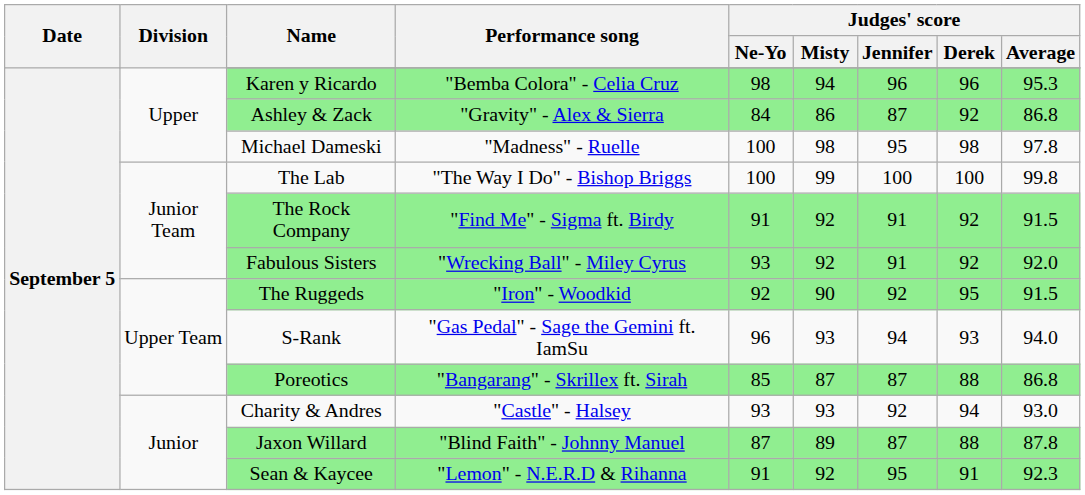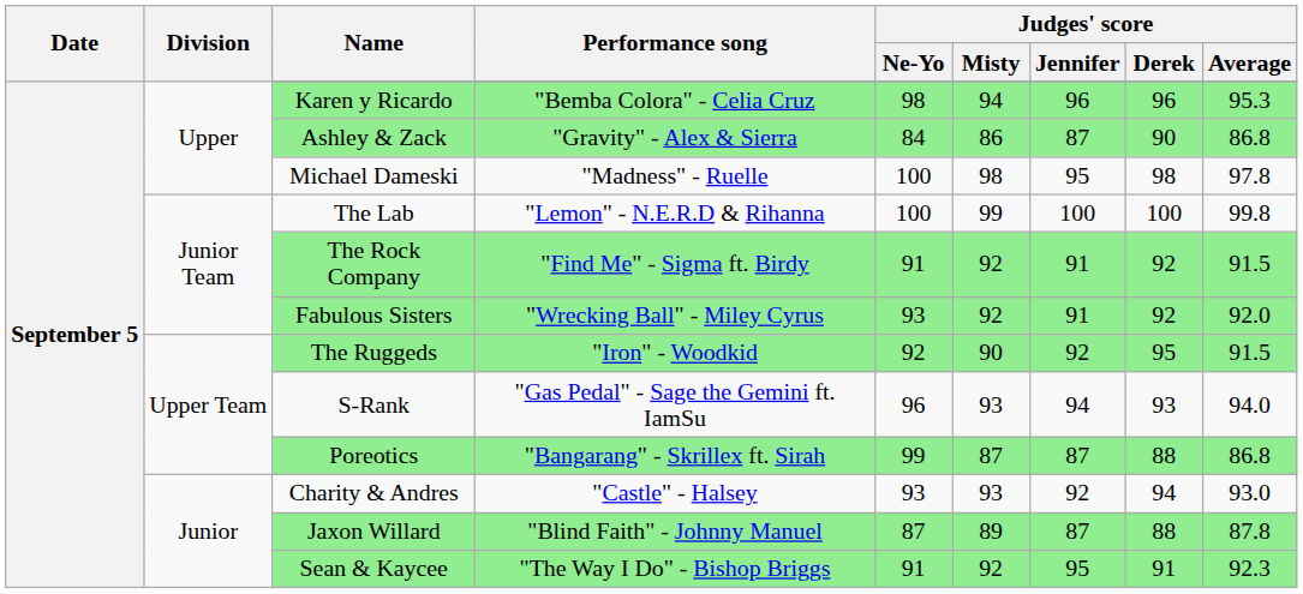 <table class="wikitable sortable" style="text-align:center;">
 <tr>
 <th scope="col" rowspan="2">Date</th>
 <th scope="col" rowspan="2">Division</th>
 <th scope="col" rowspan="2" class="unsortable">Name</th>
 <th scope="col" rowspan="2" class="unsortable">Performance song</th>
 <th scope="col" colspan="5">Judges' score</th>
 </tr>
 <tr>
 <th style="width:06%;">Ne-Yo</th>
 <th style="width:06%;">Misty</th>
 <th style="width:06%;">Jennifer</th>
 <th style="width:06%;">Derek</th>
 <th style="width:06%;">Average</th>
 </tr>
 <tr>
 <th scope="row" rowspan="15">September 5</th>
 <td rowspan="4">Upper</td>
 </tr>
 <tr style="background:lightgreen;">
 <td>Karen y Ricardo</td>
 <td>"Bemba Colora" - <a href='#'>Celia Cruz</a></td>
 <td>98</td>
 <td>94</td>
 <td>96</td>
 <td>96</td>
 <td>95.3</td>
 </tr>
 <tr style="background:lightgreen;">
 <td>Ashley & Zack</td>
 <td>"Gravity" - <a href='#'>Alex & Sierra</a></td>
 <td>84</td>
 <td>86</td>
 <td>87</td>
-<td>92</td>
+<td>90</td>
 <td>86.8</td>
 </tr>
 <tr>
 <td>Michael Dameski</td>
 <td>"Madness" - <a href='#'>Ruelle</a></td>
 <td>100</td>
 <td>98</td>
 <td>95</td>
 <td>98</td>
 <td>97.8</td>
 </tr>
 <tr>
 <td rowspan="3">Junior Team</td>
 <td>The Lab</td>
-<td>"The Way I Do" - <a href='#'>Bishop Briggs</a></td>
+<td>"<a href='#'>Lemon</a>" - <a href='#'>N.E.R.D</a> & <a href='#'>Rihanna</a></td>
 <td>100</td>
 <td>99</td>
 <td>100</td>
 <td>100</td>
 <td>99.8</td>
 </tr>
 <tr style="background:lightgreen;">
 <td>The Rock Company</td>
 <td>"<a href='#'>Find Me</a>" - <a href='#'>Sigma</a> ft. <a href='#'>Birdy</a></td>
 <td>91</td>
 <td>92</td>
 <td>91</td>
 <td>92</td>
 <td>91.5</td>
 </tr>
 <tr style="background:lightgreen;">
 <td>Fabulous Sisters</td>
 <td>"<a href='#'>Wrecking Ball</a>" - <a href='#'>Miley Cyrus</a></td>
 <td>93</td>
 <td>92</td>
 <td>91</td>
 <td>92</td>
 <td>92.0</td>
 </tr>
 <tr>
 <td rowspan="3">Upper Team</td>
 <td style="background:lightgreen;">The Ruggeds</td>
 <td style="background:lightgreen;">"<a href='#'>Iron</a>" - <a href='#'>Woodkid</a></td>
 <td style="background:lightgreen;">92</td>
 <td style="background:lightgreen;">90</td>
 <td style="background:lightgreen;">92</td>
 <td style="background:lightgreen;">95</td>
 <td style="background:lightgreen;">91.5</td>
 </tr>
 <tr>
 <td>S-Rank</td>
 <td>"<a href='#'>Gas Pedal</a>" - <a href='#'>Sage the Gemini</a> ft. IamSu</td>
 <td>96</td>
 <td>93</td>
 <td>94</td>
 <td>93</td>
 <td>94.0</td>
 </tr>
 <tr style="background:lightgreen;">
 <td>Poreotics</td>
 <td>"<a href='#'>Bangarang</a>" - <a href='#'>Skrillex</a> ft. <a href='#'>Sirah</a></td>
-<td>85</td>
+<td>99</td>
 <td>87</td>
 <td>87</td>
 <td>88</td>
 <td>86.8</td>
 </tr>
 <tr>
 <td rowspan="3">Junior</td>
 <td>Charity & Andres</td>
 <td>"<a href='#'>Castle</a>" - <a href='#'>Halsey</a></td>
 <td>93</td>
 <td>93</td>
 <td>92</td>
 <td>94</td>
 <td>93.0</td>
 </tr>
 <tr style="background:lightgreen;">
 <td>Jaxon Willard</td>
 <td>"Blind Faith" - <a href='#'>Johnny Manuel</a></td>
 <td>87</td>
 <td>89</td>
 <td>87</td>
 <td>88</td>
 <td>87.8</td>
 </tr>
 <tr style="background:lightgreen;">
 <td>Sean & Kaycee</td>
-<td>"<a href='#'>Lemon</a>" - <a href='#'>N.E.R.D</a> & <a href='#'>Rihanna</a></td>
+<td>"The Way I Do" - <a href='#'>Bishop Briggs</a></td>
 <td>91</td>
 <td>92</td>
 <td>95</td>
 <td>91</td>
 <td>92.3</td>
 </tr>
 </table>
